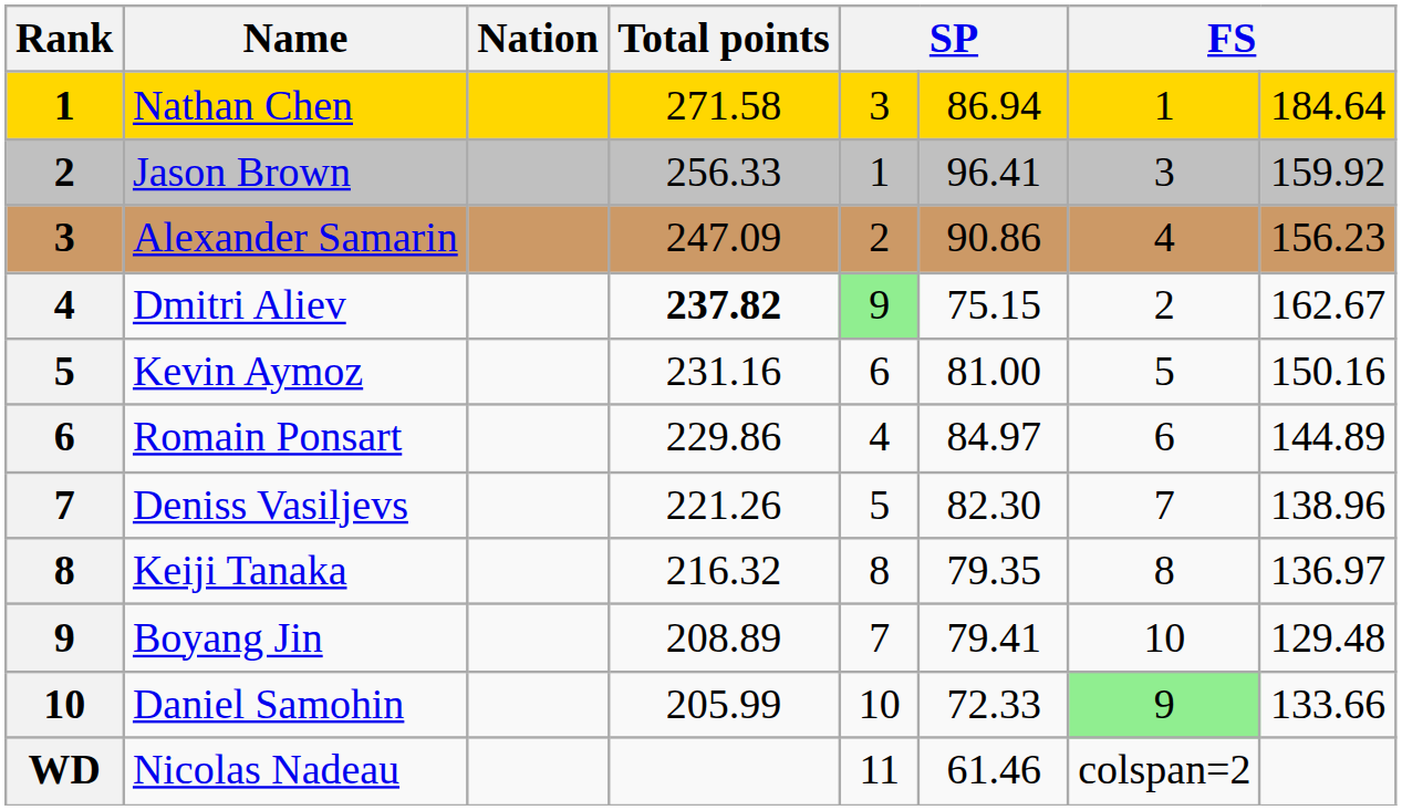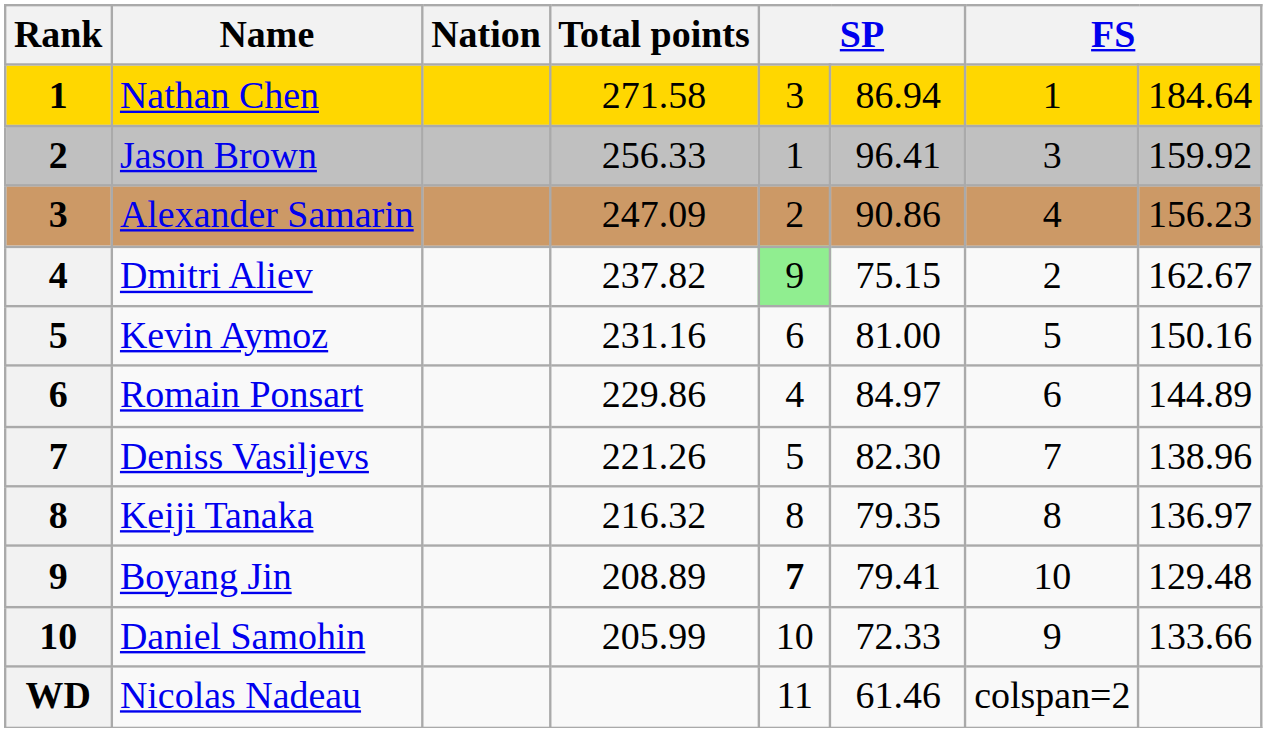 <table class="wikitable sortable">
 <tr>
 <th>Rank</th>
 <th>Name</th>
 <th>Nation</th>
 <th>Total points</th>
 <th colspan="2" width="80px"><a href='#'>SP</a></th>
 <th colspan="2" width="80px"><a href='#'>FS</a></th>
 </tr>
 <tr bgcolor="gold">
 <td align="center"><strong>1</strong></td>
 <td><a href='#'>Nathan Chen</a></td>
 <td></td>
 <td align="center">271.58</td>
 <td align="center">3</td>
 <td align="center">86.94</td>
 <td align="center">1</td>
 <td align="center">184.64</td>
 </tr>
 <tr bgcolor="silver">
 <td align="center"><strong>2</strong></td>
 <td><a href='#'>Jason Brown</a></td>
 <td></td>
 <td align="center">256.33</td>
 <td align="center">1</td>
 <td align="center">96.41</td>
 <td align="center">3</td>
 <td align="center">159.92</td>
 </tr>
 <tr bgcolor="cc9966">
 <td align="center"><strong>3</strong></td>
 <td><a href='#'>Alexander Samarin</a></td>
 <td></td>
 <td align="center">247.09</td>
 <td align="center">2</td>
 <td align="center">90.86</td>
 <td align="center">4</td>
 <td align="center">156.23</td>
 </tr>
 <tr>
 <th>4</th>
 <td><a href='#'>Dmitri Aliev</a></td>
 <td></td>
-<td align="center"><strong>237.82</strong></td>
+<td align="center">237.82</td>
 <td align="center" style="background: lightgreen;">9</td>
 <td align="center">75.15</td>
 <td align="center">2</td>
 <td align="center">162.67</td>
 </tr>
 <tr>
 <th>5</th>
 <td><a href='#'>Kevin Aymoz</a></td>
 <td></td>
 <td align="center">231.16</td>
 <td align="center">6</td>
 <td align="center">81.00</td>
 <td align="center">5</td>
 <td align="center">150.16</td>
 </tr>
 <tr>
 <th>6</th>
 <td><a href='#'>Romain Ponsart</a></td>
 <td></td>
 <td align="center">229.86</td>
 <td align="center">4</td>
 <td align="center">84.97</td>
 <td align="center">6</td>
 <td align="center">144.89</td>
 </tr>
 <tr>
 <th>7</th>
 <td><a href='#'>Deniss Vasiljevs</a></td>
 <td></td>
 <td align="center">221.26</td>
 <td align="center">5</td>
 <td align="center">82.30</td>
 <td align="center">7</td>
 <td align="center">138.96</td>
 </tr>
 <tr>
 <th>8</th>
 <td><a href='#'>Keiji Tanaka</a></td>
 <td></td>
 <td align="center">216.32</td>
 <td align="center">8</td>
 <td align="center">79.35</td>
 <td align="center">8</td>
 <td align="center">136.97</td>
 </tr>
 <tr>
 <th>9</th>
 <td><a href='#'>Boyang Jin</a></td>
 <td></td>
 <td align="center">208.89</td>
-<td align="center">7</td>
+<td align="center"><strong>7</strong></td>
 <td align="center">79.41</td>
 <td align="center">10</td>
 <td align="center">129.48</td>
 </tr>
 <tr>
 <th>10</th>
 <td><a href='#'>Daniel Samohin</a></td>
 <td></td>
 <td align="center">205.99</td>
 <td align="center">10</td>
 <td align="center">72.33</td>
-<td align="center" style="background: lightgreen;">9</td>
+<td align="center">9</td>
 <td align="center">133.66</td>
 </tr>
 <tr>
 <th>WD</th>
 <td><a href='#'>Nicolas Nadeau</a></td>
 <td></td>
 <td></td>
 <td align="center">11</td>
 <td align="center">61.46</td>
 <td>colspan=2 </td>
 </tr>
 <tr>
 </tr>
 </table>
